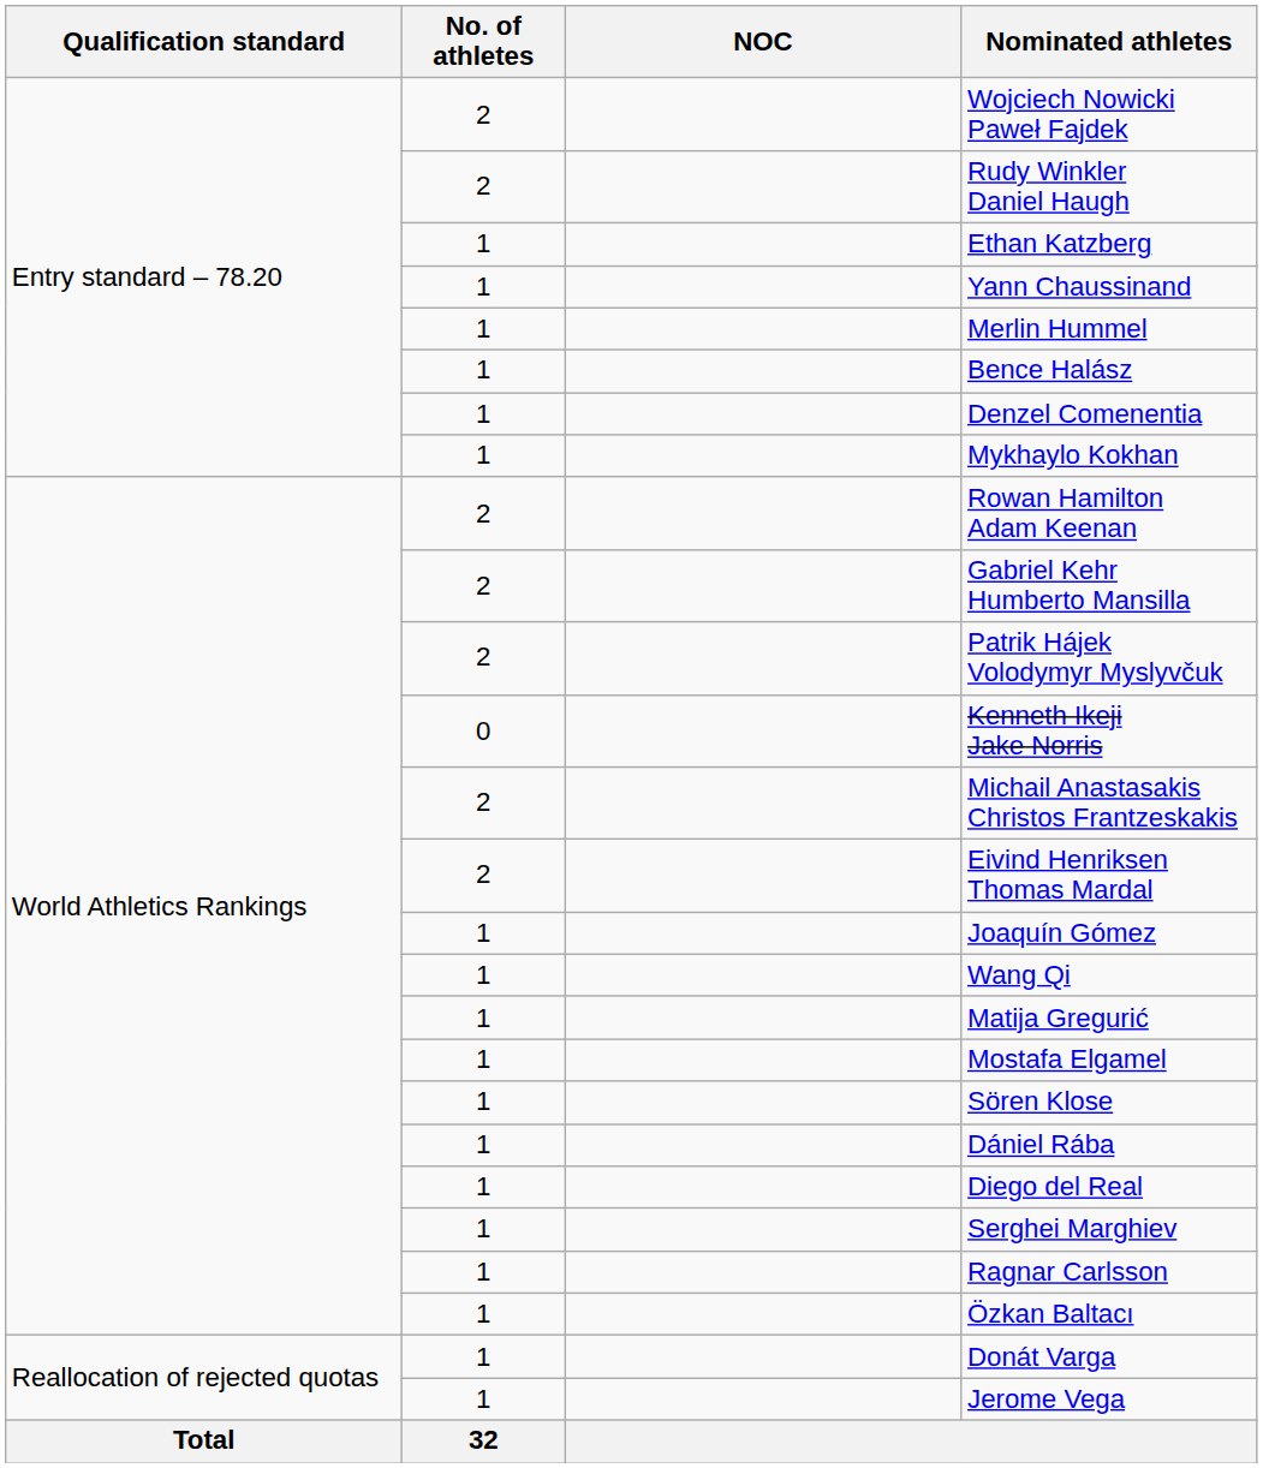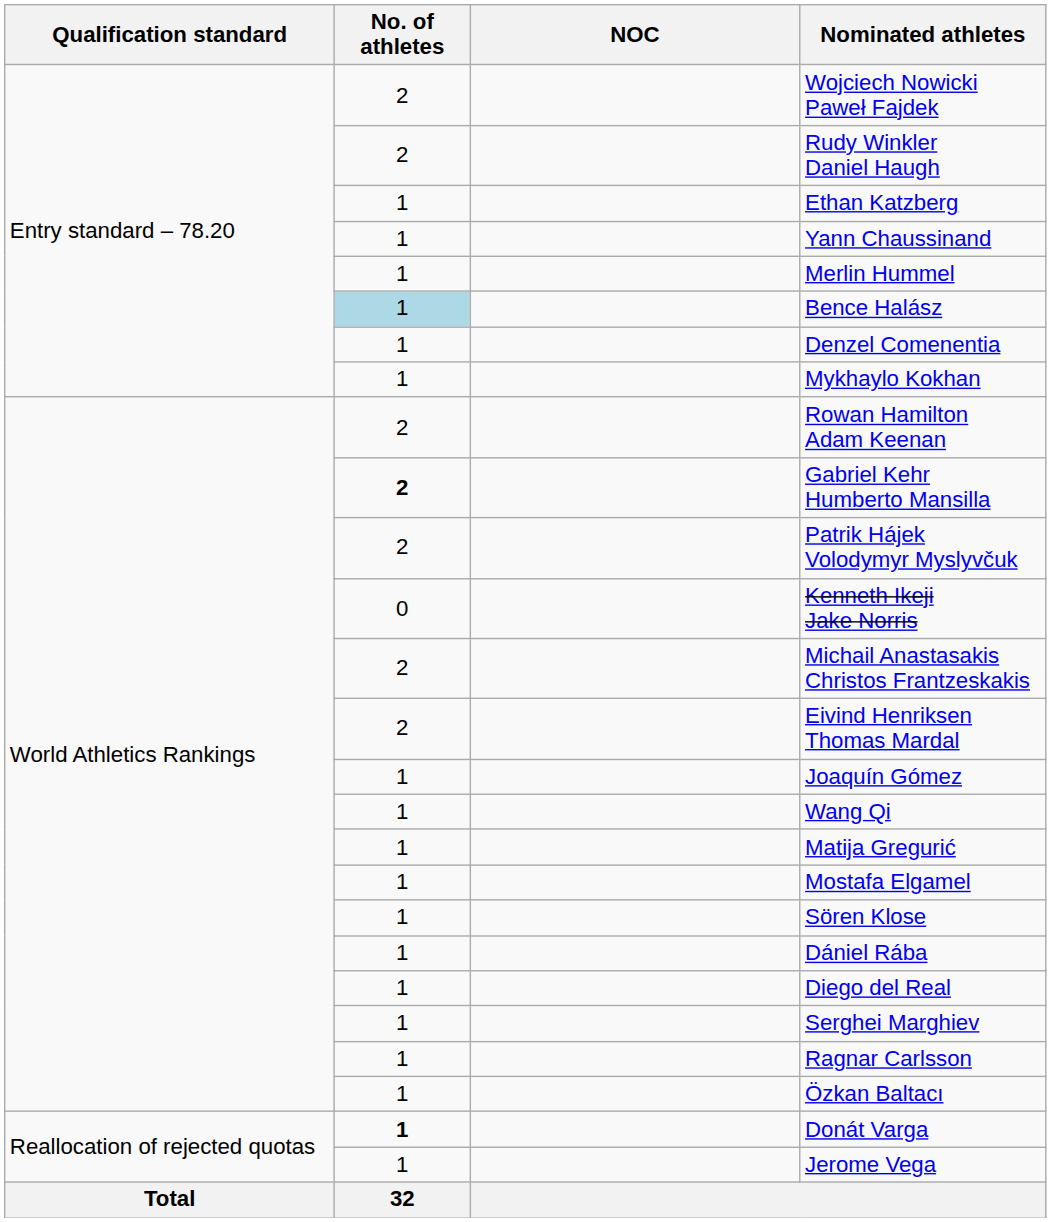 <table class="wikitable sortable" style="text-align:left; width:750px;">
 <tr>
 <th>Qualification standard</th>
 <th width=90>No. of athletes</th>
 <th width=230>NOC</th>
 <th>Nominated athletes</th>
 </tr>
 <tr>
 <td rowspan="8">Entry standard – 78.20</td>
 <td align=center>2</td>
 <td></td>
 <td><a href='#'>Wojciech Nowicki</a><br><a href='#'>Paweł Fajdek</a></td>
 </tr>
 <tr>
 <td align=center>2</td>
 <td></td>
 <td><a href='#'>Rudy Winkler</a><br><a href='#'>Daniel Haugh</a></td>
 </tr>
 <tr>
 <td align=center>1</td>
 <td></td>
 <td><a href='#'>Ethan Katzberg</a></td>
 </tr>
 <tr>
 <td align=center>1</td>
 <td></td>
 <td><a href='#'>Yann Chaussinand</a></td>
 </tr>
 <tr>
 <td align=center>1</td>
 <td></td>
 <td><a href='#'>Merlin Hummel</a></td>
 </tr>
 <tr>
-<td align=center>1</td>
+<td align=center style="background: lightblue;">1</td>
 <td></td>
 <td><a href='#'>Bence Halász</a></td>
 </tr>
 <tr>
 <td align=center>1</td>
 <td></td>
 <td><a href='#'>Denzel Comenentia</a></td>
 </tr>
 <tr>
 <td align=center>1</td>
 <td></td>
 <td><a href='#'>Mykhaylo Kokhan</a></td>
 </tr>
 <tr>
 <td rowspan=16>World Athletics Rankings</td>
 <td align=center>2</td>
 <td></td>
 <td><a href='#'>Rowan Hamilton</a><br><a href='#'>Adam Keenan</a></td>
 </tr>
 <tr>
-<td align=center>2</td>
+<td align=center><strong>2</strong></td>
 <td></td>
 <td><a href='#'>Gabriel Kehr</a><br><a href='#'>Humberto Mansilla</a></td>
 </tr>
 <tr>
 <td align=center>2</td>
 <td></td>
 <td><a href='#'>Patrik Hájek</a><br><a href='#'>Volodymyr Myslyvčuk</a></td>
 </tr>
 <tr>
 <td align=center>0</td>
 <td><s></s></td>
 <td><s><a href='#'>Kenneth Ikeji</a></s><br><s><a href='#'>Jake Norris</a></s></td>
 </tr>
 <tr>
 <td align=center>2</td>
 <td></td>
 <td><a href='#'>Michail Anastasakis</a><br><a href='#'>Christos Frantzeskakis</a></td>
 </tr>
 <tr>
 <td align=center>2</td>
 <td></td>
 <td><a href='#'>Eivind Henriksen</a><br><a href='#'>Thomas Mardal</a></td>
 </tr>
 <tr>
 <td align=center>1</td>
 <td></td>
 <td><a href='#'>Joaquín Gómez</a></td>
 </tr>
 <tr>
 <td align=center>1</td>
 <td></td>
 <td><a href='#'>Wang Qi</a></td>
 </tr>
 <tr>
 <td align=center>1</td>
 <td></td>
 <td><a href='#'>Matija Gregurić</a></td>
 </tr>
 <tr>
 <td align=center>1</td>
 <td></td>
 <td><a href='#'>Mostafa Elgamel</a></td>
 </tr>
 <tr>
 <td align=center>1</td>
 <td></td>
 <td><a href='#'>Sören Klose</a></td>
 </tr>
 <tr>
 <td align=center>1</td>
 <td></td>
 <td><a href='#'>Dániel Rába</a></td>
 </tr>
 <tr>
 <td align=center>1</td>
 <td></td>
 <td><a href='#'>Diego del Real</a></td>
 </tr>
 <tr>
 <td align=center>1</td>
 <td></td>
 <td><a href='#'>Serghei Marghiev</a></td>
 </tr>
 <tr>
 <td align=center>1</td>
 <td></td>
 <td><a href='#'>Ragnar Carlsson</a></td>
 </tr>
 <tr>
 <td align=center>1</td>
 <td></td>
 <td><a href='#'>Özkan Baltacı</a></td>
 </tr>
 <tr>
 <td rowspan=2>Reallocation of rejected quotas</td>
-<td align=center>1</td>
+<td align=center><strong>1</strong></td>
 <td></td>
 <td><a href='#'>Donát Varga</a></td>
 </tr>
 <tr>
 <td align=center>1</td>
 <td></td>
 <td><a href='#'>Jerome Vega</a></td>
 </tr>
 <tr>
 <th>Total</th>
 <th>32</th>
 <th colspan=2></th>
 </tr>
 </table>
